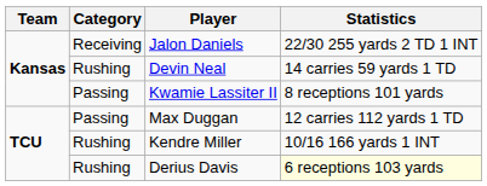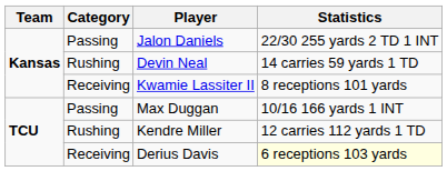 <table class="wikitable" style="float: right;">
 <tr>
 <th>Team</th>
 <th>Category</th>
 <th>Player</th>
 <th>Statistics</th>
 </tr>
 <tr>
 <td rowspan=3><strong>Kansas</strong></td>
-<td>Receiving</td>
+<td>Passing</td>
 <td><a href='#'>Jalon Daniels</a></td>
 <td>22/30 255 yards 2 TD 1 INT</td>
 </tr>
 <tr>
 <td>Rushing</td>
 <td><a href='#'>Devin Neal</a></td>
 <td>14 carries 59 yards 1 TD</td>
 </tr>
 <tr>
-<td>Passing</td>
+<td>Receiving</td>
 <td><a href='#'>Kwamie Lassiter II</a></td>
 <td>8 receptions 101 yards</td>
 </tr>
 <tr>
 <td rowspan=3><strong>TCU</strong></td>
 <td>Passing</td>
 <td>Max Duggan</td>
-<td>12 carries 112 yards 1 TD</td>
+<td>10/16 166 yards 1 INT</td>
 </tr>
 <tr>
 <td>Rushing</td>
 <td>Kendre Miller</td>
-<td>10/16 166 yards 1 INT</td>
+<td>12 carries 112 yards 1 TD</td>
 </tr>
 <tr>
-<td>Rushing</td>
+<td>Receiving</td>
 <td>Derius Davis</td>
 <td style="background: lightyellow;">6 receptions 103 yards</td>
 </tr>
 </table>
